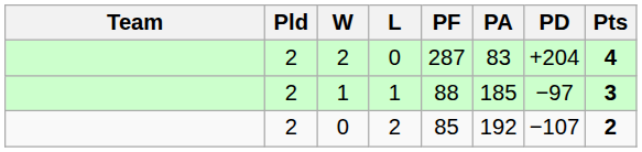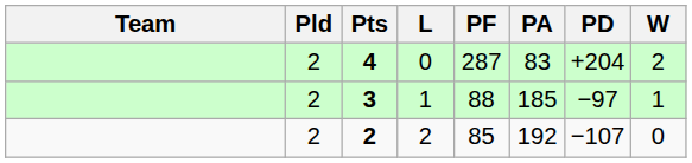 <table class=wikitable style="text-align:center">
 <tr>
 <th width=180>Team</th>
 <th width=30>Pld</th>
-<th width=30>W</th>
+<th width=30>Pts</th>
 <th width=30>L</th>
 <th width=30>PF</th>
 <th width=30>PA</th>
 <th width=30>PD</th>
-<th width=30>Pts</th>
+<th width=30>W</th>
 </tr>
 <tr bgcolor="#ccffcc">
 <td align="left"></td>
 <td>2</td>
-<td>2</td>
+<td><strong>4</strong></td>
 <td>0</td>
 <td>287</td>
 <td>83</td>
 <td>+204</td>
-<td><strong>4</strong></td>
+<td>2</td>
 </tr>
 <tr bgcolor="#ccffcc">
 <td align="left"></td>
 <td>2</td>
-<td>1</td>
+<td><strong>3</strong></td>
 <td>1</td>
 <td>88</td>
 <td>185</td>
 <td>−97</td>
-<td><strong>3</strong></td>
+<td>1</td>
 </tr>
 <tr>
 <td align="left"></td>
 <td>2</td>
-<td>0</td>
+<td><strong>2</strong></td>
 <td>2</td>
 <td>85</td>
 <td>192</td>
 <td>−107</td>
-<td><strong>2</strong></td>
+<td>0</td>
 </tr>
 </table>
